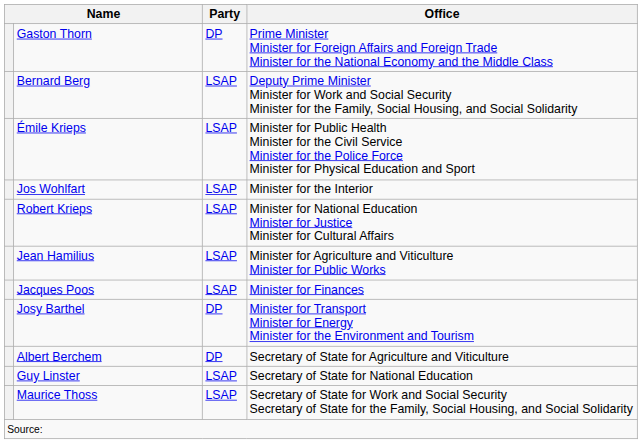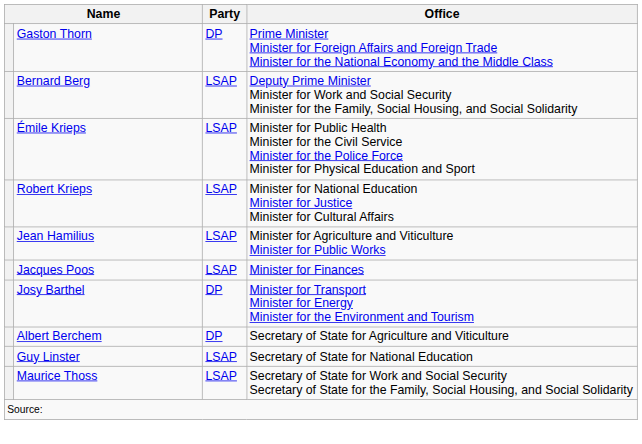 <table class="wikitable">
 <tr>
 <th colspan=2 width=250px>Name</th>
 <th width=50px>Party</th>
 <th width=500px>Office</th>
 </tr>
 <tr>
 <th width=5px style="background-color: "></th>
 <td valign=top><a href='#'>Gaston Thorn</a></td>
 <td valign=top><a href='#'>DP</a></td>
 <td><a href='#'>Prime Minister</a> <br> <a href='#'>Minister for Foreign Affairs and Foreign Trade</a> <br> <a href='#'>Minister for the National Economy and the Middle Class</a></td>
 </tr>
 <tr>
 <th style="background-color: "></th>
 <td valign=top><a href='#'>Bernard Berg</a></td>
 <td valign=top><a href='#'>LSAP</a></td>
 <td><a href='#'>Deputy Prime Minister</a> <br> Minister for Work and Social Security <br> Minister for the Family, Social Housing, and Social Solidarity</td>
 </tr>
 <tr>
 <th style="background-color: "></th>
 <td valign=top><a href='#'>Émile Krieps</a></td>
 <td valign=top><a href='#'>LSAP</a></td>
 <td>Minister for Public Health <br> Minister for the Civil Service <br> <a href='#'>Minister for the Police Force</a> <br> Minister for Physical Education and Sport</td>
-</tr>
-<tr>
-<th style="background-color: "></th>
-<td valign=top><a href='#'>Jos Wohlfart</a></td>
-<td valign=top><a href='#'>LSAP</a></td>
-<td>Minister for the Interior</td>
 </tr>
 <tr>
 <th style="background-color: "></th>
 <td valign=top><a href='#'>Robert Krieps</a></td>
 <td valign=top><a href='#'>LSAP</a></td>
 <td>Minister for National Education <br> <a href='#'>Minister for Justice</a> <br> Minister for Cultural Affairs</td>
 </tr>
 <tr>
 <th style="background-color: "></th>
 <td valign=top><a href='#'>Jean Hamilius</a></td>
 <td valign=top><a href='#'>LSAP</a></td>
 <td>Minister for Agriculture and Viticulture <br> <a href='#'>Minister for Public Works</a></td>
 </tr>
 <tr>
 <th style="background-color: "></th>
 <td valign=top><a href='#'>Jacques Poos</a></td>
 <td valign=top><a href='#'>LSAP</a></td>
 <td><a href='#'>Minister for Finances</a></td>
 </tr>
 <tr>
 <th style="background-color: "></th>
 <td valign=top><a href='#'>Josy Barthel</a></td>
 <td valign=top><a href='#'>DP</a></td>
 <td><a href='#'>Minister for Transport</a> <br> <a href='#'>Minister for Energy</a> <br> <a href='#'>Minister for the Environment and Tourism</a></td>
 </tr>
 <tr>
 <th style="background-color: "></th>
 <td valign=top><a href='#'>Albert Berchem</a></td>
 <td valign=top><a href='#'>DP</a></td>
 <td>Secretary of State for Agriculture and Viticulture</td>
 </tr>
 <tr>
 <th style="background-color: "></th>
 <td valign=top><a href='#'>Guy Linster</a></td>
 <td valign=top><a href='#'>LSAP</a></td>
 <td>Secretary of State for National Education</td>
 </tr>
 <tr>
 <th style="background-color: "></th>
 <td valign=top><a href='#'>Maurice Thoss</a></td>
 <td valign=top><a href='#'>LSAP</a></td>
 <td>Secretary of State for Work and Social Security <br> Secretary of State for the Family, Social Housing, and Social Solidarity</td>
 </tr>
 <tr>
 <td colspan=4><small>Source: </small></td>
 </tr>
 </table>
